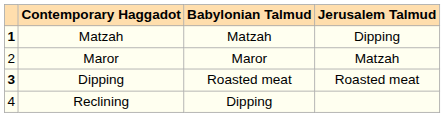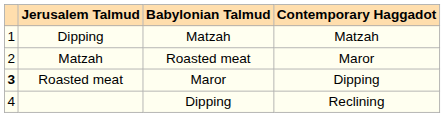 <table class="wikitable" style="background:Ivory; text-align:center">
 <tr>
 <th style="background:Navajowhite;"></th>
+<th style="background:Navajowhite;">Jerusalem Talmud</th>
+<th style="background:Navajowhite;">Babylonian Talmud</th>
 <th style="background:Navajowhite;">Contemporary Haggadot</th>
-<th style="background:Navajowhite;">Babylonian Talmud</th>
-<th style="background:Navajowhite;">Jerusalem Talmud</th>
 </tr>
 <tr>
-<td><strong>1</strong></td>
+<td>1</td>
+<td>Dipping</td>
 <td>Matzah</td>
 <td>Matzah</td>
+</tr>
+<tr>
+<td>2</td>
+<td>Matzah</td>
+<td>Roasted meat</td>
+<td>Maror</td>
+</tr>
+<tr>
+<td><strong>3</strong></td>
+<td>Roasted meat</td>
+<td>Maror</td>
 <td>Dipping</td>
 </tr>
 <tr>
-<td>2</td>
-<td>Maror</td>
-<td>Maror</td>
-<td>Matzah</td>
-</tr>
-<tr>
-<td><strong>3</strong></td>
+<td>4</td>
+<td></td>
 <td>Dipping</td>
-<td>Roasted meat</td>
-<td>Roasted meat</td>
-</tr>
-<tr>
-<td>4</td>
 <td>Reclining</td>
-<td>Dipping</td>
-<td></td>
 </tr>
 </table>
